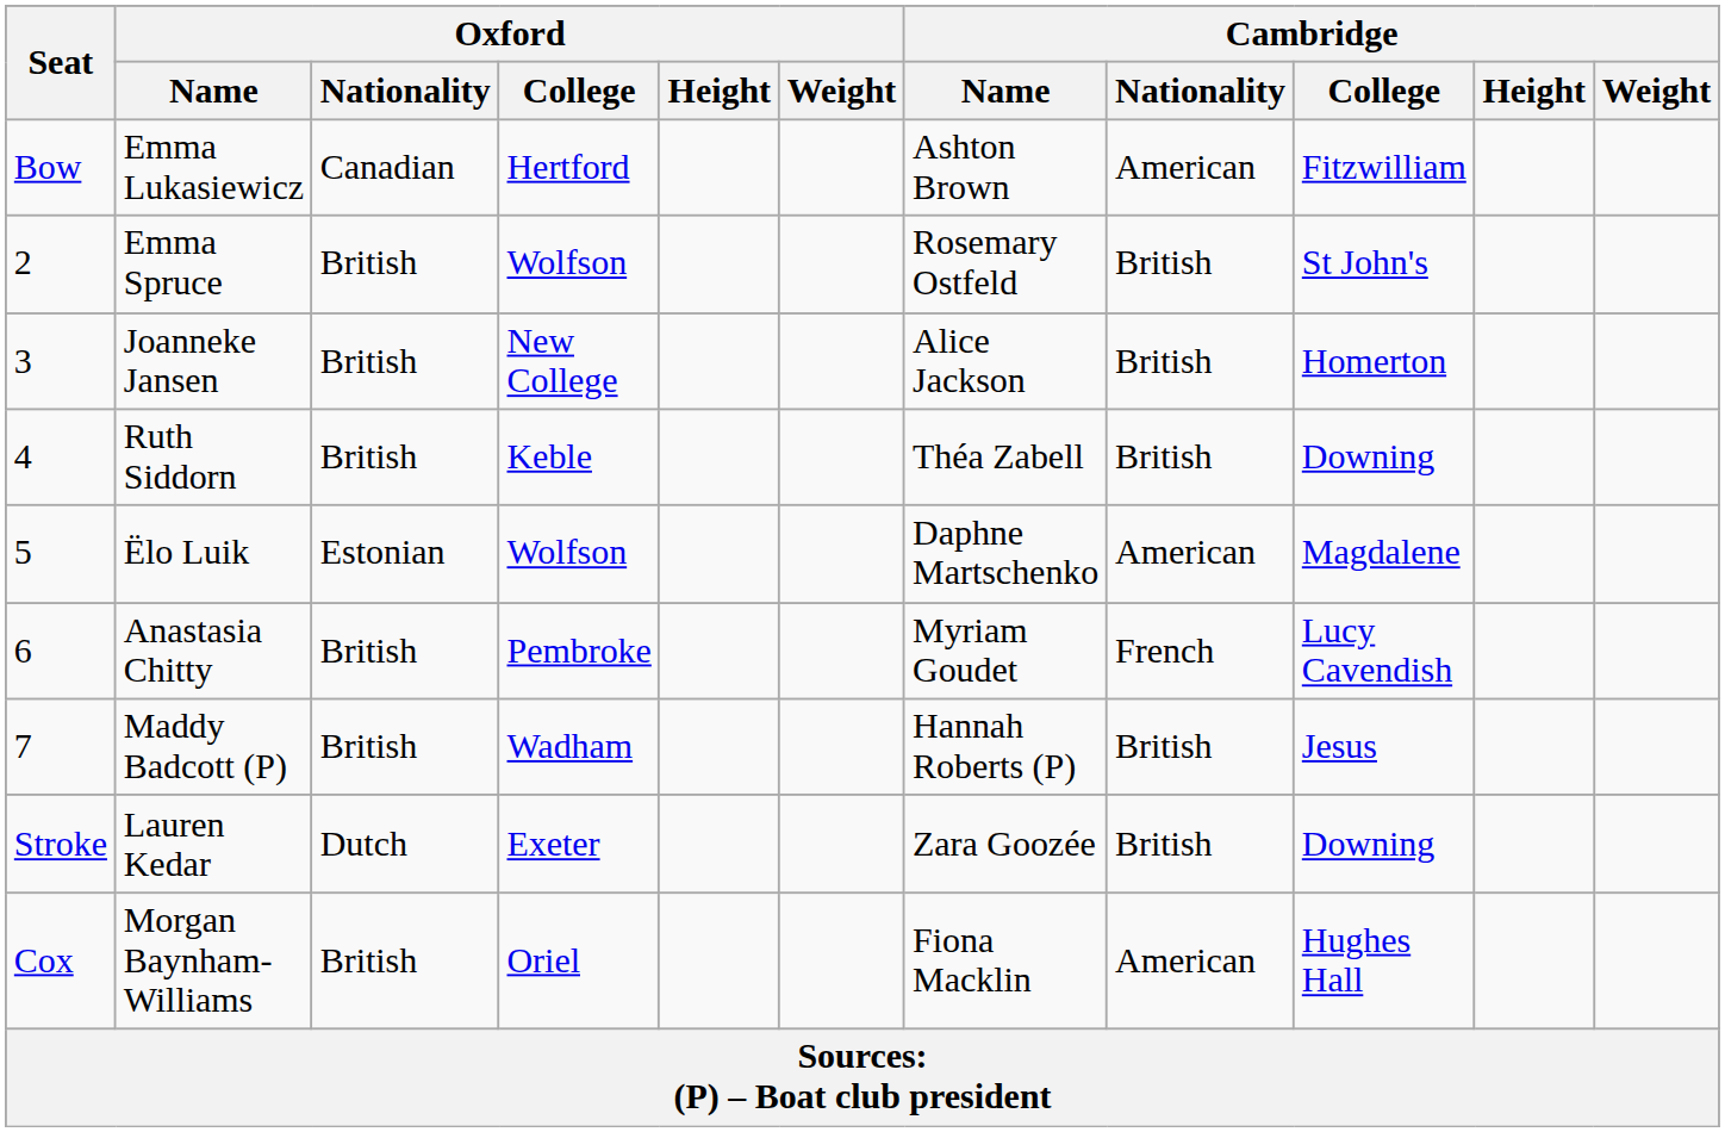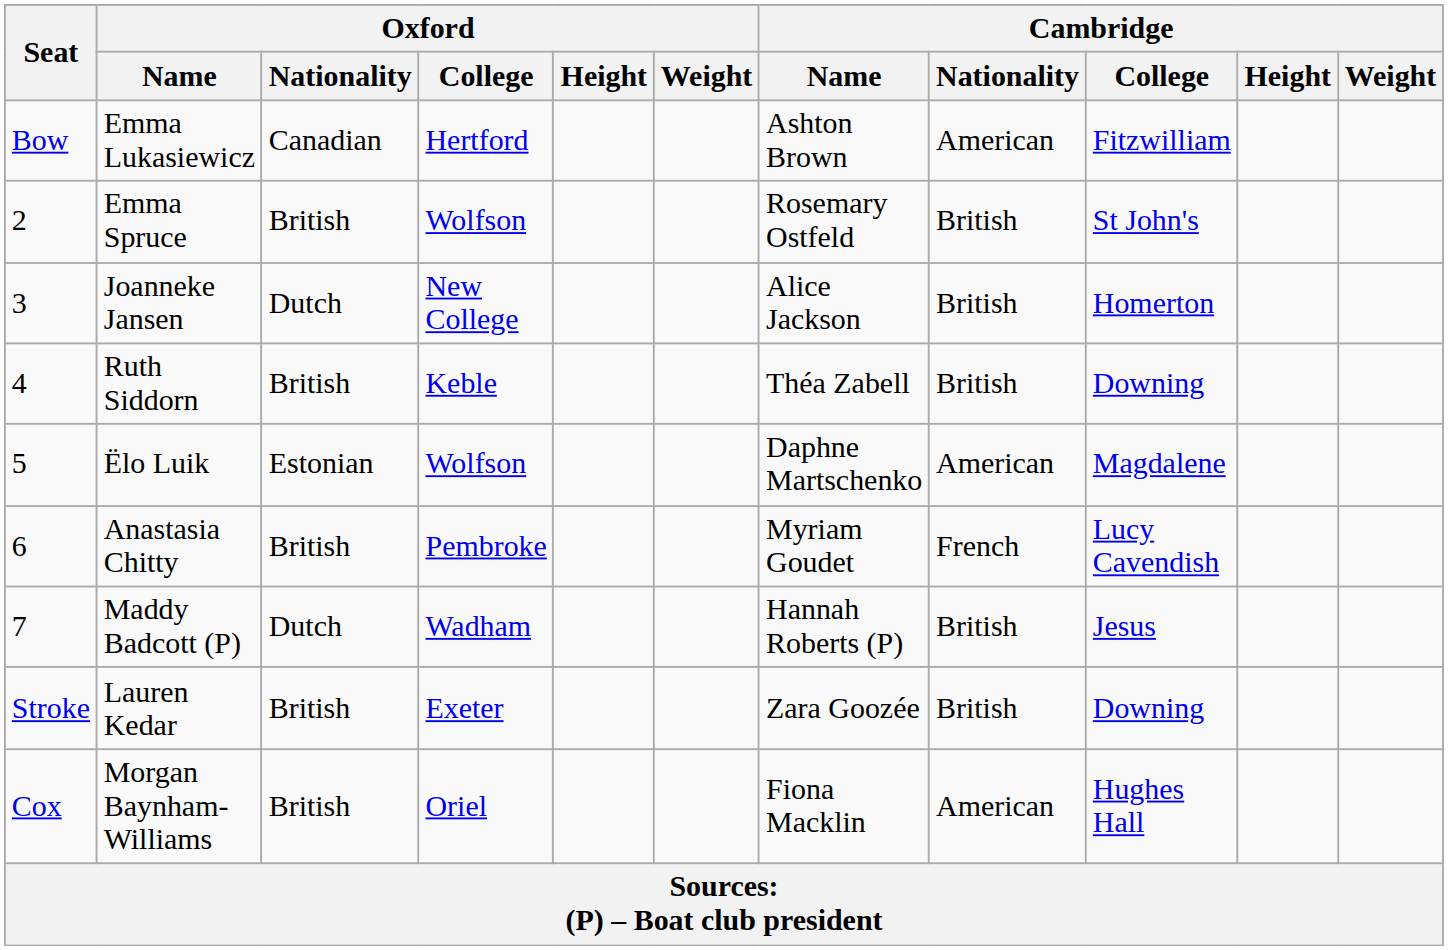 <table class="wikitable">
 <tr>
 <th rowspan="2" scope="col">Seat</th>
 <th colspan="5" scope="col">Oxford <br> </th>
 <th colspan="5" scope="col">Cambridge <br> </th>
 </tr>
 <tr>
 <th>Name</th>
 <th>Nationality</th>
 <th>College</th>
 <th>Height</th>
 <th>Weight</th>
 <th>Name</th>
 <th>Nationality</th>
 <th>College</th>
 <th>Height</th>
 <th>Weight</th>
 </tr>
 <tr>
 <td><a href='#'>Bow</a></td>
 <td>Emma Lukasiewicz</td>
 <td>Canadian</td>
 <td><a href='#'>Hertford</a></td>
 <td></td>
 <td></td>
 <td>Ashton Brown</td>
 <td>American</td>
 <td><a href='#'>Fitzwilliam</a></td>
 <td></td>
 <td></td>
 </tr>
 <tr>
 <td>2</td>
 <td>Emma Spruce</td>
 <td>British</td>
 <td><a href='#'>Wolfson</a></td>
 <td></td>
 <td></td>
 <td>Rosemary Ostfeld</td>
 <td>British</td>
 <td><a href='#'>St John's</a></td>
 <td></td>
 <td></td>
 </tr>
 <tr>
 <td>3</td>
 <td>Joanneke Jansen</td>
-<td>British</td>
+<td>Dutch</td>
 <td><a href='#'>New College</a></td>
 <td></td>
 <td></td>
 <td>Alice Jackson</td>
 <td>British</td>
 <td><a href='#'>Homerton</a></td>
 <td></td>
 <td></td>
 </tr>
 <tr>
 <td>4</td>
 <td>Ruth Siddorn</td>
 <td>British</td>
 <td><a href='#'>Keble</a></td>
 <td></td>
 <td></td>
 <td>Théa Zabell</td>
 <td>British</td>
 <td><a href='#'>Downing</a></td>
 <td></td>
 <td></td>
 </tr>
 <tr>
 <td>5</td>
 <td>Ëlo Luik</td>
 <td>Estonian</td>
 <td><a href='#'>Wolfson</a></td>
 <td></td>
 <td></td>
 <td>Daphne Martschenko</td>
 <td>American</td>
 <td><a href='#'>Magdalene</a></td>
 <td></td>
 <td></td>
 </tr>
 <tr>
 <td>6</td>
 <td>Anastasia Chitty</td>
 <td>British</td>
 <td><a href='#'>Pembroke</a></td>
 <td></td>
 <td></td>
 <td>Myriam Goudet</td>
 <td>French</td>
 <td><a href='#'>Lucy Cavendish</a></td>
 <td></td>
 <td></td>
 </tr>
 <tr>
 <td>7</td>
 <td>Maddy Badcott (P)</td>
-<td>British</td>
+<td>Dutch</td>
 <td><a href='#'>Wadham</a></td>
 <td></td>
 <td></td>
 <td>Hannah Roberts (P)</td>
 <td>British</td>
 <td><a href='#'>Jesus</a></td>
 <td></td>
 <td></td>
 </tr>
 <tr>
 <td><a href='#'>Stroke</a></td>
 <td>Lauren Kedar</td>
-<td>Dutch</td>
+<td>British</td>
 <td><a href='#'>Exeter</a></td>
 <td></td>
 <td></td>
 <td>Zara Goozée</td>
 <td>British</td>
 <td><a href='#'>Downing</a></td>
 <td></td>
 <td></td>
 </tr>
 <tr>
 <td><a href='#'>Cox</a></td>
 <td>Morgan Baynham-Williams</td>
 <td>British</td>
 <td><a href='#'>Oriel</a></td>
 <td></td>
 <td></td>
 <td>Fiona Macklin</td>
 <td>American</td>
 <td><a href='#'>Hughes Hall</a></td>
 <td></td>
 <td></td>
 </tr>
 <tr>
 <th colspan="11">Sources:<br>(P) – Boat club president</th>
 </tr>
 </table>
